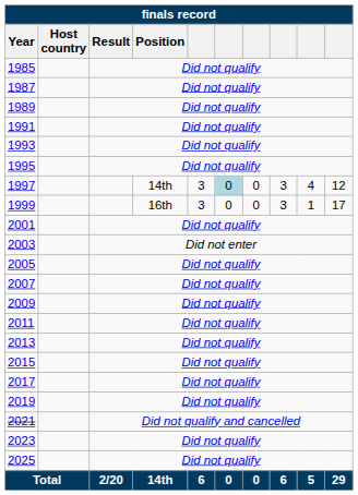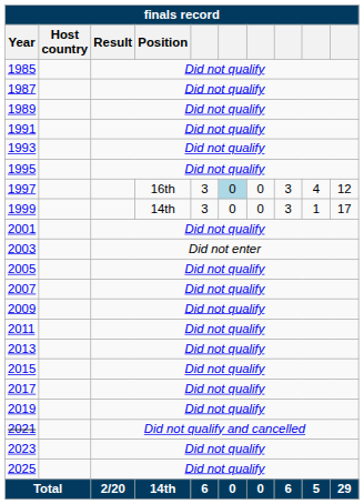 <table class="wikitable" style="text-align: center; width: 450px;">
 <tr>
 <th colspan=10 style="background: #013A5E; color: #FFFFFF;"><a href='#'></a> finals record</th>
 </tr>
 <tr>
 <th>Year</th>
 <th>Host country</th>
 <th>Result</th>
 <th>Position</th>
 <th width=30></th>
 <th width=30></th>
 <th width=30></th>
 <th width=30></th>
 <th width=30></th>
 <th width=30></th>
 </tr>
 <tr>
 <td style="text-align: left;"><a href='#'>1985</a></td>
 <td style="text-align: left;"></td>
 <td colspan="8"><em><a href='#'>Did not qualify</a></em></td>
 </tr>
 <tr>
 <td style="text-align: left;"><a href='#'>1987</a></td>
 <td style="text-align: left;"></td>
 <td colspan="8"><em><a href='#'>Did not qualify</a></em></td>
 </tr>
 <tr>
 <td style="text-align: left;"><a href='#'>1989</a></td>
 <td style="text-align: left;"></td>
 <td colspan="8"><em><a href='#'>Did not qualify</a></em></td>
 </tr>
 <tr>
 <td style="text-align: left;"><a href='#'>1991</a></td>
 <td style="text-align: left;"></td>
 <td colspan="8"><em><a href='#'>Did not qualify</a></em></td>
 </tr>
 <tr>
 <td style="text-align: left;"><a href='#'>1993</a></td>
 <td style="text-align: left;"></td>
 <td colspan="8"><em><a href='#'>Did not qualify</a></em></td>
 </tr>
 <tr>
 <td style="text-align: left;"><a href='#'>1995</a></td>
 <td style="text-align: left;"></td>
 <td colspan="8"><em><a href='#'>Did not qualify</a></em></td>
 </tr>
 <tr>
 <td style="text-align: left;"><a href='#'>1997</a></td>
 <td style="text-align: left;"></td>
 <td></td>
-<td>14th</td>
+<td>16th</td>
 <td>3</td>
 <td style="background: lightblue;">0</td>
 <td>0</td>
 <td>3</td>
 <td>4</td>
 <td>12</td>
 </tr>
 <tr>
 <td style="text-align: left;"><a href='#'>1999</a></td>
 <td style="text-align: left;"></td>
 <td></td>
-<td>16th</td>
+<td>14th</td>
 <td>3</td>
 <td>0</td>
 <td>0</td>
 <td>3</td>
 <td>1</td>
 <td>17</td>
 </tr>
 <tr>
 <td style="text-align: left;"><a href='#'>2001</a></td>
 <td style="text-align: left;"></td>
 <td colspan="8"><em><a href='#'>Did not qualify</a></em></td>
 </tr>
 <tr>
 <td style="text-align: left;"><a href='#'>2003</a></td>
 <td style="text-align: left;"></td>
 <td colspan="8"><em>Did not enter</em></td>
 </tr>
 <tr>
 <td style="text-align: left;"><a href='#'>2005</a></td>
 <td style="text-align: left;"></td>
 <td colspan="8"><em><a href='#'>Did not qualify</a></em></td>
 </tr>
 <tr>
 <td style="text-align: left;"><a href='#'>2007</a></td>
 <td style="text-align: left;"></td>
 <td colspan="8"><em><a href='#'>Did not qualify</a></em></td>
 </tr>
 <tr>
 <td style="text-align: left;"><a href='#'>2009</a></td>
 <td style="text-align: left;"></td>
 <td colspan="8"><em><a href='#'>Did not qualify</a></em></td>
 </tr>
 <tr>
 <td style="text-align: left;"><a href='#'>2011</a></td>
 <td style="text-align: left;"></td>
 <td colspan="8"><em><a href='#'>Did not qualify</a></em></td>
 </tr>
 <tr>
 <td style="text-align: left;"><a href='#'>2013</a></td>
 <td style="text-align: left;"></td>
 <td colspan="8"><em><a href='#'>Did not qualify</a></em></td>
 </tr>
 <tr>
 <td style="text-align: left;"><a href='#'>2015</a></td>
 <td style="text-align: left;"></td>
 <td colspan="8"><em><a href='#'>Did not qualify</a></em></td>
 </tr>
 <tr>
 <td style="text-align: left;"><a href='#'>2017</a></td>
 <td style="text-align: left;"></td>
 <td colspan="8"><em><a href='#'>Did not qualify</a></em></td>
 </tr>
 <tr>
 <td style="text-align: left;"><a href='#'>2019</a></td>
 <td style="text-align: left;"></td>
 <td colspan="8"><em><a href='#'>Did not qualify</a></em></td>
 </tr>
 <tr>
 <td style="text-align: left;"><s><a href='#'>2021</a></s></td>
 <td style="text-align: left;"></td>
 <td colspan="8"><em><a href='#'>Did not qualify and cancelled</a></em></td>
 </tr>
 <tr>
 <td style="text-align: left;"><a href='#'>2023</a></td>
 <td style="text-align: left;"></td>
 <td colspan="8"><em><a href='#'>Did not qualify</a></em></td>
 </tr>
 <tr>
 <td style="text-align: left;"><a href='#'>2025</a></td>
 <td style="text-align: left;"></td>
 <td colspan="8"><em><a href='#'>Did not qualify</a></em></td>
 </tr>
 <tr>
 <td colspan=2 style="background: #013A5E; color: #FFFFFF;"><strong>Total</strong></td>
 <td style="background: #013A5E; color: #FFFFFF;"><strong>2/20</strong></td>
 <td style="background: #013A5E; color: #FFFFFF;"><strong>14th</strong></td>
 <td style="background: #013A5E; color: #FFFFFF;"><strong>6</strong></td>
 <td style="background: #013A5E; color: #FFFFFF;"><strong>0</strong></td>
 <td style="background: #013A5E; color: #FFFFFF;"><strong>0</strong></td>
 <td style="background: #013A5E; color: #FFFFFF;"><strong>6</strong></td>
 <td style="background: #013A5E; color: #FFFFFF;"><strong>5</strong></td>
 <td style="background: #013A5E; color: #FFFFFF;"><strong>29</strong></td>
 </tr>
 </table>
